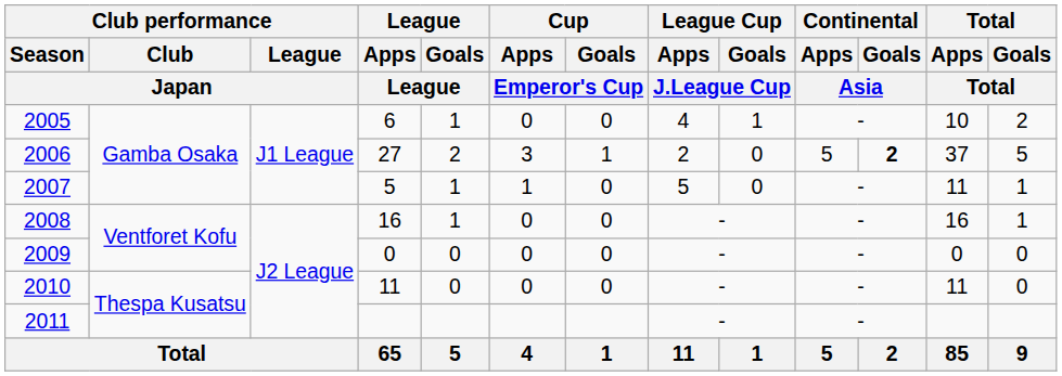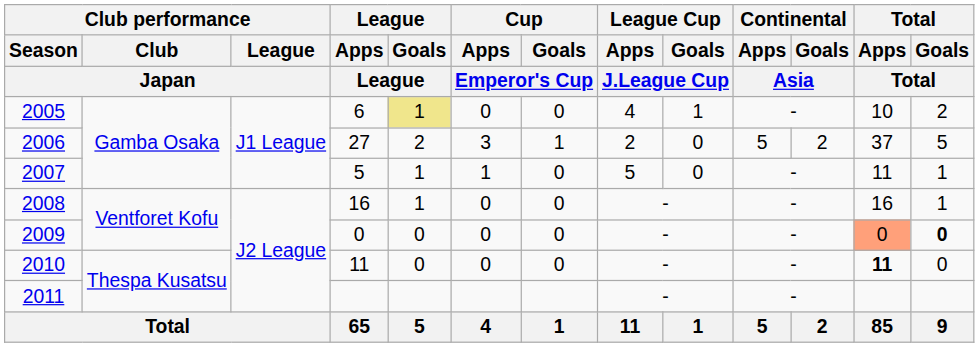 <table class="wikitable" style="text-align:center;">
 <tr>
 <th colspan=3>Club performance</th>
 <th colspan=2>League</th>
 <th colspan=2>Cup</th>
 <th colspan=2>League Cup</th>
 <th colspan=2>Continental</th>
 <th colspan=2>Total</th>
 </tr>
 <tr>
 <th>Season</th>
 <th>Club</th>
 <th>League</th>
 <th>Apps</th>
 <th>Goals</th>
 <th>Apps</th>
 <th>Goals</th>
 <th>Apps</th>
 <th>Goals</th>
 <th>Apps</th>
 <th>Goals</th>
 <th>Apps</th>
 <th>Goals</th>
 </tr>
 <tr>
 <th colspan=3>Japan</th>
 <th colspan=2>League</th>
 <th colspan=2><a href='#'>Emperor's Cup</a></th>
 <th colspan=2><a href='#'>J.League Cup</a></th>
 <th colspan=2><a href='#'>Asia</a></th>
 <th colspan=2>Total</th>
 </tr>
 <tr>
 <td><a href='#'>2005</a></td>
 <td rowspan="3"><a href='#'>Gamba Osaka</a></td>
 <td rowspan="3"><a href='#'>J1 League</a></td>
 <td>6</td>
-<td>1</td>
+<td style="background: khaki;">1</td>
 <td>0</td>
 <td>0</td>
 <td>4</td>
 <td>1</td>
 <td colspan="2">-</td>
 <td>10</td>
 <td>2</td>
 </tr>
 <tr>
 <td><a href='#'>2006</a></td>
 <td>27</td>
 <td>2</td>
 <td>3</td>
 <td>1</td>
 <td>2</td>
 <td>0</td>
 <td>5</td>
-<td><strong>2</strong></td>
+<td>2</td>
 <td>37</td>
 <td>5</td>
 </tr>
 <tr>
 <td><a href='#'>2007</a></td>
 <td>5</td>
 <td>1</td>
 <td>1</td>
 <td>0</td>
 <td>5</td>
 <td>0</td>
 <td colspan="2">-</td>
 <td>11</td>
 <td>1</td>
 </tr>
 <tr>
 <td><a href='#'>2008</a></td>
 <td rowspan="2"><a href='#'>Ventforet Kofu</a></td>
 <td rowspan="4"><a href='#'>J2 League</a></td>
 <td>16</td>
 <td>1</td>
 <td>0</td>
 <td>0</td>
 <td colspan="2">-</td>
 <td colspan="2">-</td>
 <td>16</td>
 <td>1</td>
 </tr>
 <tr>
 <td><a href='#'>2009</a></td>
 <td>0</td>
 <td>0</td>
 <td>0</td>
 <td>0</td>
 <td colspan="2">-</td>
 <td colspan="2">-</td>
-<td>0</td>
-<td>0</td>
+<td style="background: lightsalmon;">0</td>
+<td><strong>0</strong></td>
 </tr>
 <tr>
 <td><a href='#'>2010</a></td>
 <td rowspan="2"><a href='#'>Thespa Kusatsu</a></td>
 <td>11</td>
 <td>0</td>
 <td>0</td>
 <td>0</td>
 <td colspan="2">-</td>
 <td colspan="2">-</td>
-<td>11</td>
+<td><strong>11</strong></td>
 <td>0</td>
 </tr>
 <tr>
 <td><a href='#'>2011</a></td>
 <td></td>
 <td></td>
 <td></td>
 <td></td>
 <td colspan="2">-</td>
 <td colspan="2">-</td>
 <td></td>
 <td></td>
 </tr>
 <tr>
 <th colspan=3>Total</th>
 <th>65</th>
 <th>5</th>
 <th>4</th>
 <th>1</th>
 <th>11</th>
 <th>1</th>
 <th>5</th>
 <th>2</th>
 <th>85</th>
 <th>9</th>
 </tr>
 </table>
